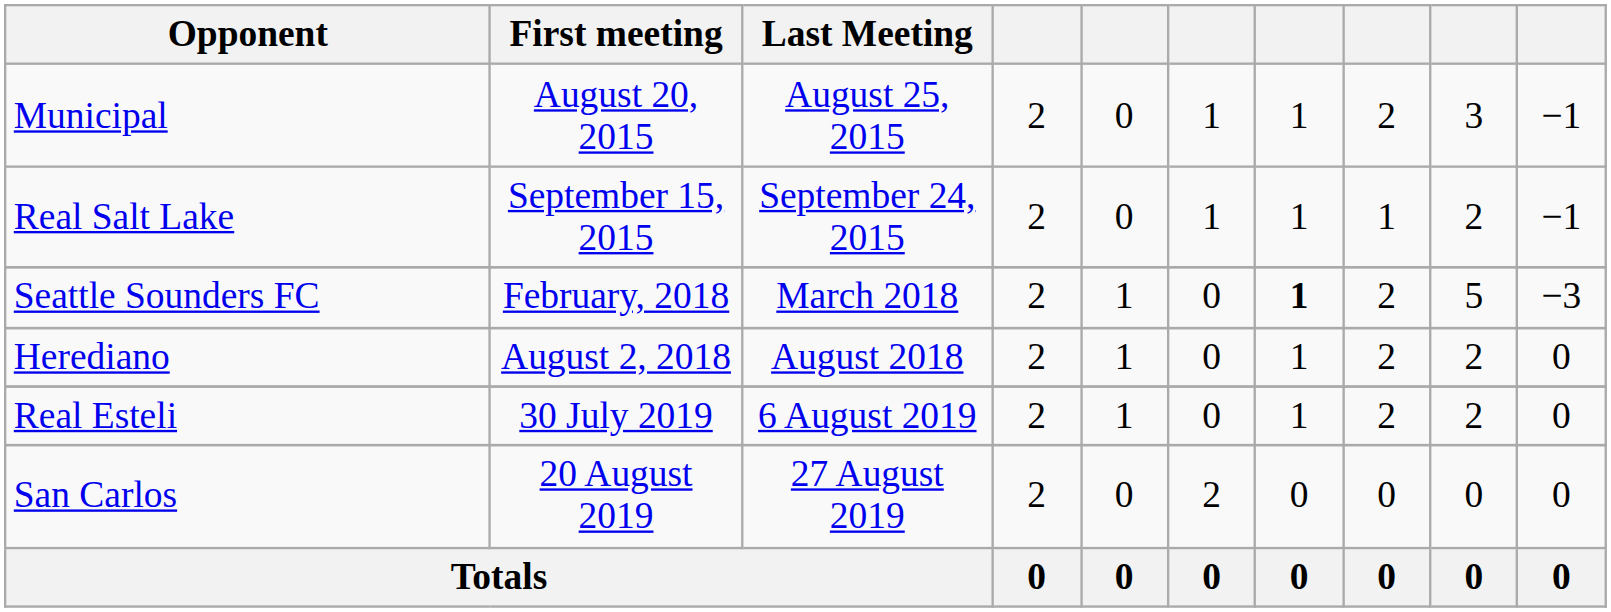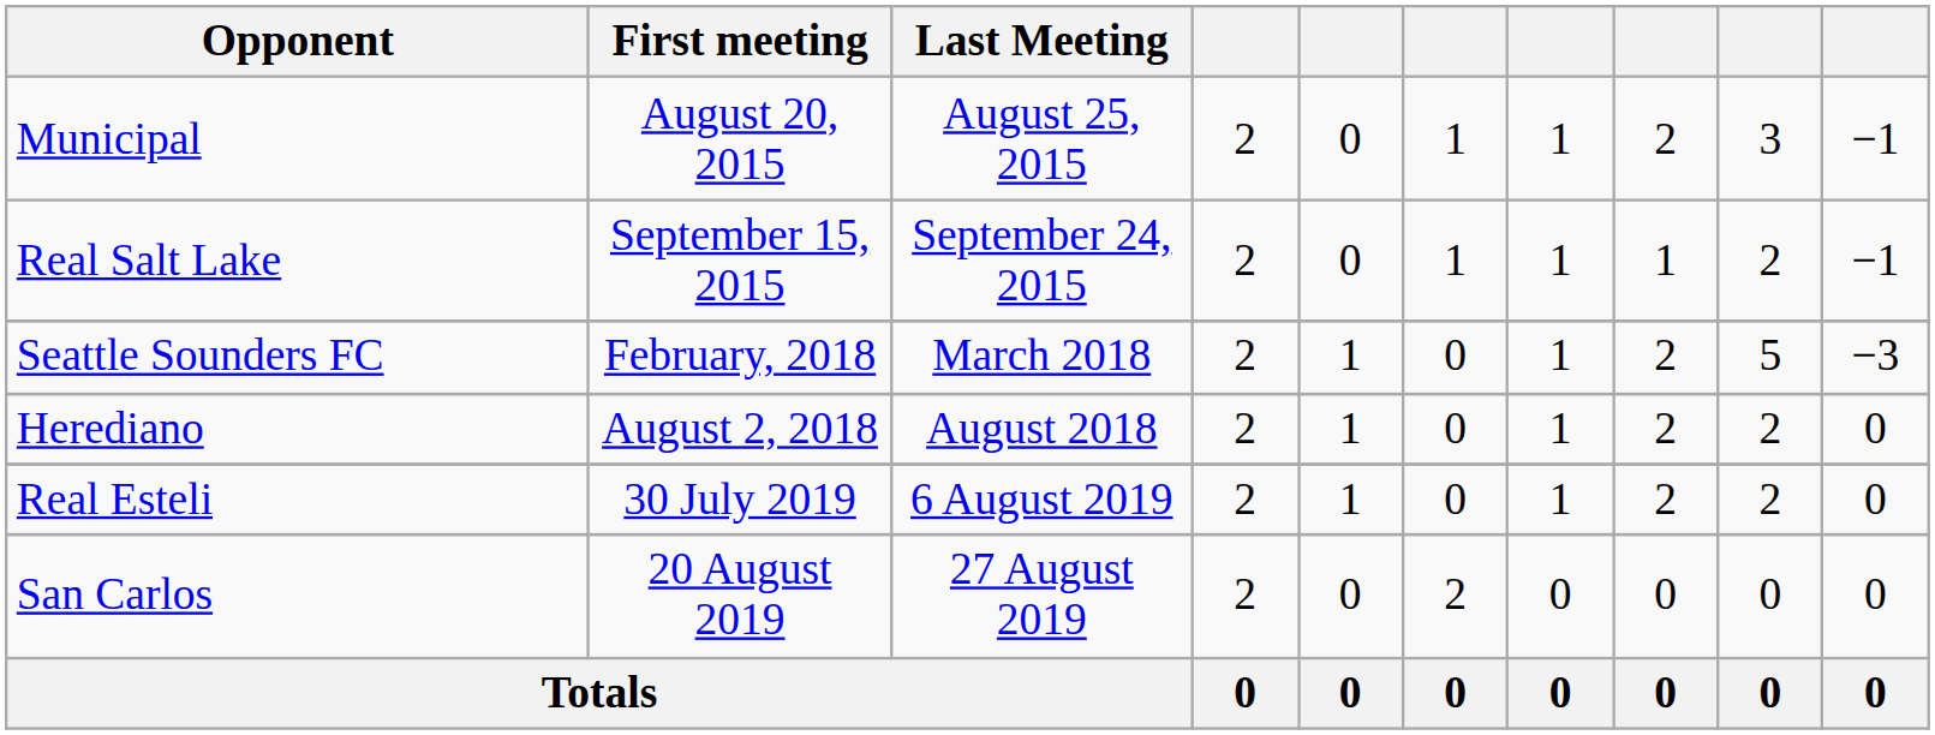 <table class="wikitable">
 <tr>
 <th width="200">Opponent</th>
 <th width="100">First meeting</th>
 <th width="100">Last Meeting</th>
 <th width="30"></th>
 <th width="30"></th>
 <th width="30"></th>
 <th width="30"></th>
 <th width="30"></th>
 <th width="30"></th>
 <th width="30"></th>
 </tr>
 <tr align="center">
 <td align="left"> <a href='#'>Municipal</a></td>
 <td><a href='#'>August 20, 2015</a></td>
 <td><a href='#'>August 25, 2015</a></td>
 <td>2</td>
 <td>0</td>
 <td>1</td>
 <td>1</td>
 <td>2</td>
 <td>3</td>
 <td>−1</td>
 </tr>
 <tr align="center">
 <td align="left"> <a href='#'>Real Salt Lake</a></td>
 <td><a href='#'>September 15, 2015</a></td>
 <td><a href='#'>September 24, 2015</a></td>
 <td>2</td>
 <td>0</td>
 <td>1</td>
 <td>1</td>
 <td>1</td>
 <td>2</td>
 <td>−1</td>
 </tr>
 <tr>
 </tr>
 <tr align="center">
 <td align="left"> <a href='#'>Seattle Sounders FC</a></td>
 <td><a href='#'>February, 2018</a></td>
 <td><a href='#'>March 2018</a></td>
 <td>2</td>
 <td>1</td>
 <td>0</td>
-<td><strong>1</strong></td>
+<td>1</td>
 <td>2</td>
 <td>5</td>
 <td>−3</td>
 </tr>
 <tr>
 </tr>
 <tr align="center">
 <td align="left"> <a href='#'>Herediano</a></td>
 <td><a href='#'>August 2, 2018</a></td>
 <td><a href='#'>August 2018</a></td>
 <td>2</td>
 <td>1</td>
 <td>0</td>
 <td>1</td>
 <td>2</td>
 <td>2</td>
 <td>0</td>
 </tr>
 <tr>
 </tr>
 <tr align="center">
 <td align="left"> <a href='#'>Real Esteli</a></td>
 <td><a href='#'>30 July 2019</a></td>
 <td><a href='#'>6 August 2019</a></td>
 <td>2</td>
 <td>1</td>
 <td>0</td>
 <td>1</td>
 <td>2</td>
 <td>2</td>
 <td>0</td>
 </tr>
 <tr>
 </tr>
 <tr align="center">
 <td align="left"> <a href='#'>San Carlos</a></td>
 <td><a href='#'>20 August 2019</a></td>
 <td><a href='#'>27 August 2019</a></td>
 <td>2</td>
 <td>0</td>
 <td>2</td>
 <td>0</td>
 <td>0</td>
 <td>0</td>
 <td>0</td>
 </tr>
 <tr>
 <th colspan="3">Totals</th>
 <th>0</th>
 <th>0</th>
 <th>0</th>
 <th>0</th>
 <th>0</th>
 <th>0</th>
 <th>0</th>
 </tr>
 </table>
